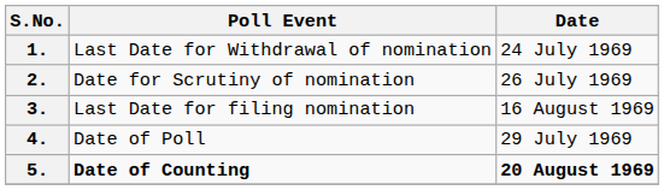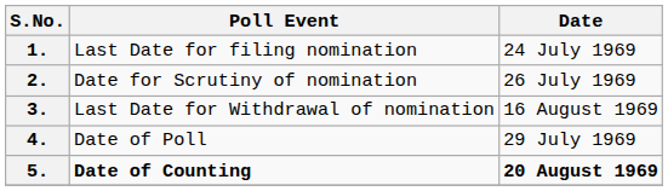 <table class="wikitable sortable">
 <tr>
 <th>S.No.</th>
 <th>Poll Event</th>
 <th>Date</th>
 </tr>
 <tr>
 <th>1.</th>
-<td>Last Date for Withdrawal of nomination</td>
+<td>Last Date for filing nomination</td>
 <td>24 July 1969</td>
 </tr>
 <tr>
 <th>2.</th>
 <td>Date for Scrutiny of nomination</td>
 <td>26 July 1969</td>
 </tr>
 <tr>
 <th>3.</th>
-<td>Last Date for filing nomination</td>
+<td>Last Date for Withdrawal of nomination</td>
 <td>16 August 1969</td>
 </tr>
 <tr>
 <th>4.</th>
 <td>Date of Poll</td>
 <td>29 July 1969</td>
 </tr>
 <tr>
 <th>5.</th>
 <td><strong>Date of Counting</strong></td>
 <td colspan="2" style="text-align:center"><strong>20 August 1969</strong></td>
 </tr>
 <tr>
 </tr>
 </table>
